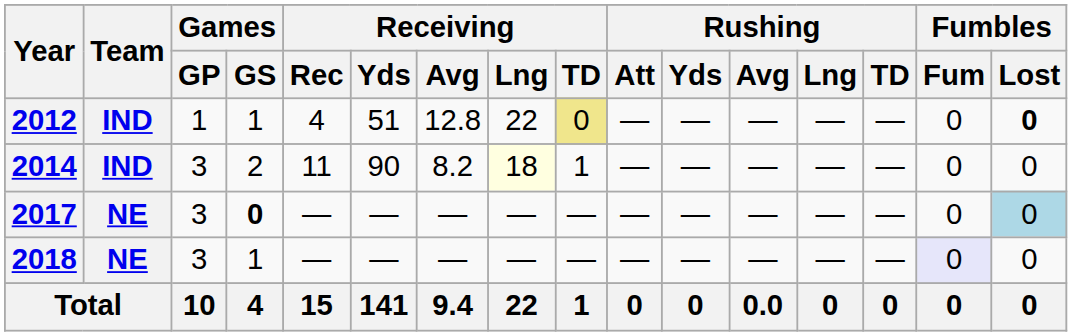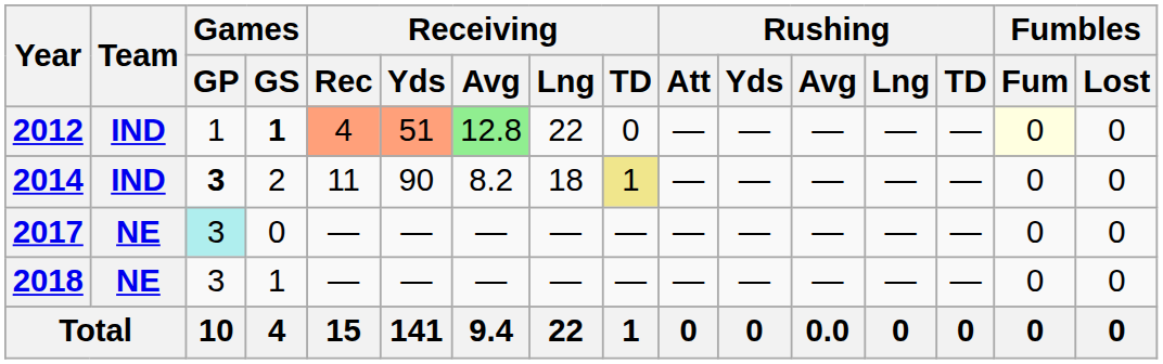 <table class=wikitable style="text-align:center;">
 <tr>
 <th rowspan="2">Year</th>
 <th rowspan="2">Team</th>
 <th colspan="2">Games</th>
 <th colspan="5">Receiving</th>
 <th colspan="5">Rushing</th>
 <th colspan="2">Fumbles</th>
 </tr>
 <tr>
 <th>GP</th>
 <th>GS</th>
 <th>Rec</th>
 <th>Yds</th>
 <th>Avg</th>
 <th>Lng</th>
 <th>TD</th>
 <th>Att</th>
 <th>Yds</th>
 <th>Avg</th>
 <th>Lng</th>
 <th>TD</th>
 <th>Fum</th>
 <th>Lost</th>
 </tr>
 <tr>
 <th><a href='#'>2012</a></th>
 <th><a href='#'>IND</a></th>
 <td>1</td>
-<td>1</td>
-<td>4</td>
-<td>51</td>
-<td>12.8</td>
+<td><strong>1</strong></td>
+<td style="background: lightsalmon;">4</td>
+<td style="background: lightsalmon;">51</td>
+<td style="background: lightgreen;">12.8</td>
 <td>22</td>
-<td style="background: khaki;">0</td>
+<td>0</td>
 <td>—</td>
 <td>—</td>
 <td>—</td>
 <td>—</td>
 <td>—</td>
+<td style="background: lightyellow;">0</td>
 <td>0</td>
-<td><strong>0</strong></td>
 </tr>
 <tr>
 <th><a href='#'>2014</a></th>
 <th><a href='#'>IND</a></th>
-<td>3</td>
+<td><strong>3</strong></td>
 <td>2</td>
 <td>11</td>
 <td>90</td>
 <td>8.2</td>
-<td style="background: lightyellow;">18</td>
-<td>1</td>
+<td>18</td>
+<td style="background: khaki;">1</td>
 <td>—</td>
 <td>—</td>
 <td>—</td>
 <td>—</td>
 <td>—</td>
 <td>0</td>
 <td>0</td>
 </tr>
 <tr>
 <th><a href='#'>2017</a></th>
 <th><a href='#'>NE</a></th>
-<td>3</td>
-<td><strong>0</strong></td>
+<td style="background: paleturquoise;">3</td>
+<td>0</td>
 <td>—</td>
 <td>—</td>
 <td>—</td>
 <td>—</td>
 <td>—</td>
 <td>—</td>
 <td>—</td>
 <td>—</td>
 <td>—</td>
 <td>—</td>
 <td>0</td>
-<td style="background: lightblue;">0</td>
+<td>0</td>
 </tr>
 <tr>
 <th><a href='#'>2018</a></th>
 <th><a href='#'>NE</a></th>
 <td>3</td>
 <td>1</td>
 <td>—</td>
 <td>—</td>
 <td>—</td>
 <td>—</td>
 <td>—</td>
 <td>—</td>
 <td>—</td>
 <td>—</td>
 <td>—</td>
 <td>—</td>
-<td style="background: lavender;">0</td>
+<td>0</td>
 <td>0</td>
 </tr>
 <tr>
 <th colspan="2">Total</th>
 <th>10</th>
 <th>4</th>
 <th>15</th>
 <th>141</th>
 <th>9.4</th>
 <th>22</th>
 <th>1</th>
 <th>0</th>
 <th>0</th>
 <th>0.0</th>
 <th>0</th>
 <th>0</th>
 <th>0</th>
 <th>0</th>
 </tr>
 </table>
